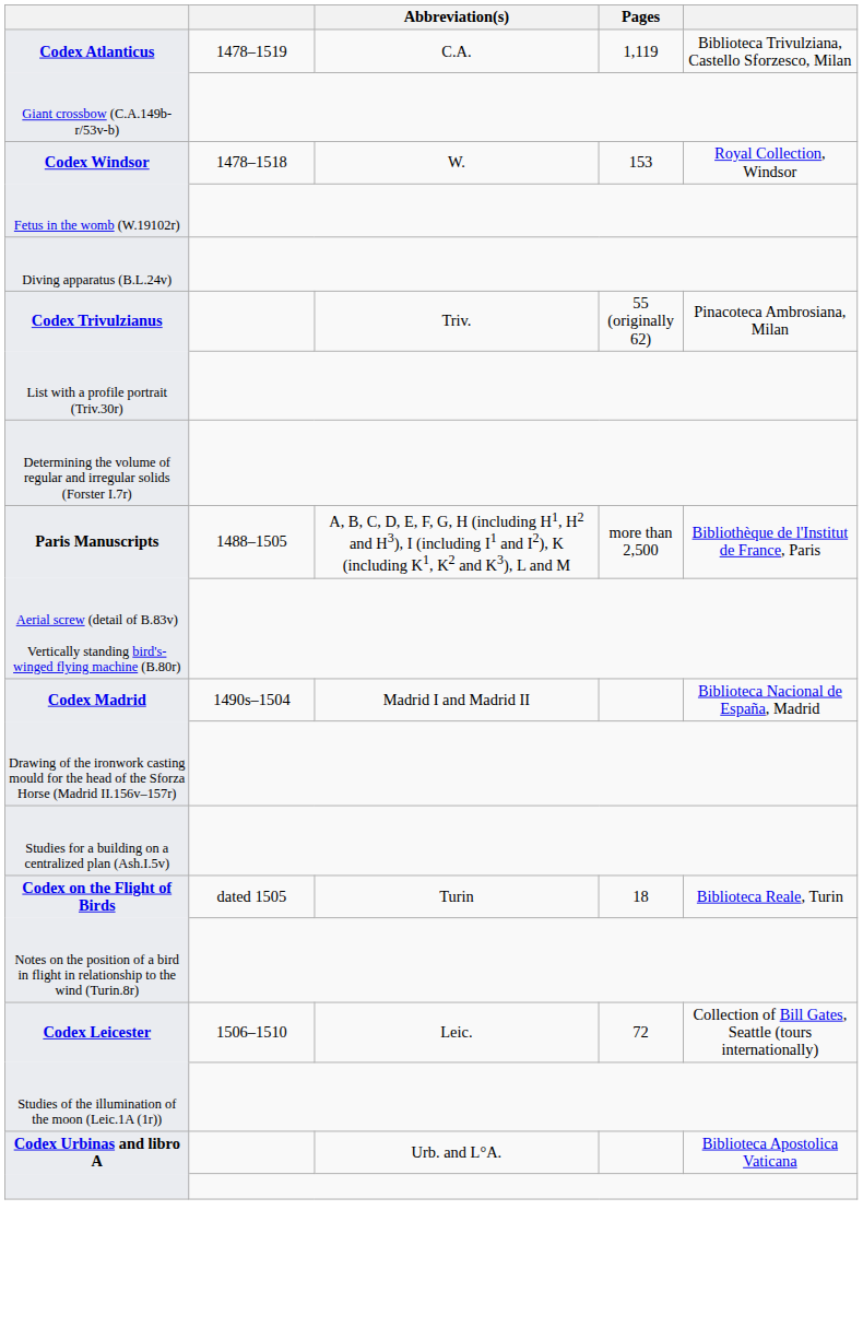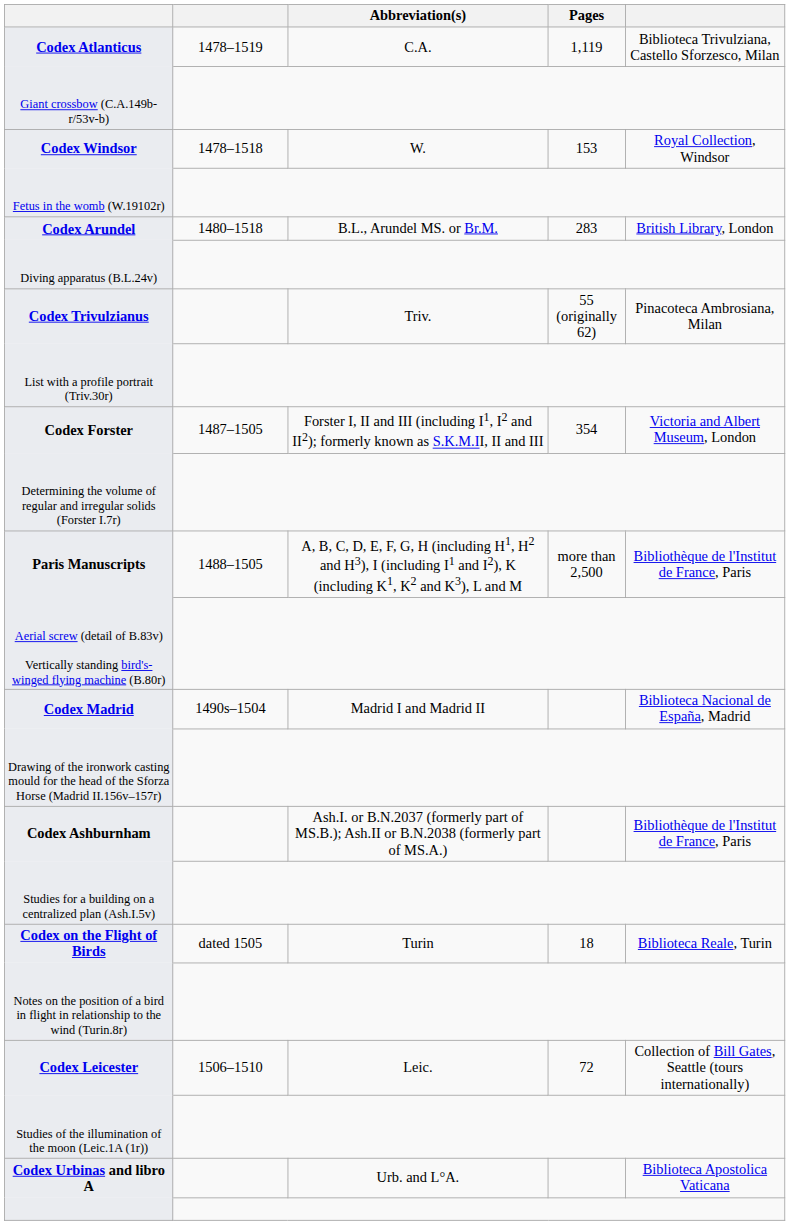 <table class="wikitable sortable" style="font-size:100%; text-align: center">
 <tr>
 <th width = "180"></th>
 <th width = "120"></th>
 <th class="unsortable">Abbreviation(s)</th>
 <th>Pages</th>
 <th></th>
 </tr>
 <tr>
 <td style="background-color: #EAECF0; border-style: solid solid none solid"><strong><a href='#'>Codex Atlanticus</a></strong></td>
 <td>1478–1519</td>
 <td>C.A.</td>
 <td>1,119</td>
 <td data-sort-value="Milan, Castello Sforzesco, Biblioteca Trivulziana">Biblioteca Trivulziana, Castello Sforzesco, Milan</td>
 </tr>
 <tr class="expand-child">
 <td style="background-color: #EAECF0; border-style: none solid solid solid; font-size: 86%"><br><br><a href='#'>Giant crossbow</a> (C.A.149b-r/53v-b)</td>
 <td colspan="4"><br></td>
 </tr>
 <tr>
 <td style="background-color: #EAECF0; border-style: solid solid none solid"><strong><a href='#'>Codex Windsor</a></strong></td>
 <td>1478–1518</td>
 <td>W.</td>
 <td>153</td>
 <td data-sort-value="Windsor, Royal Collection"><a href='#'>Royal Collection</a>, Windsor</td>
 </tr>
 <tr class="expand-child">
 <td style="background-color: #EAECF0; border-style: none solid solid solid; font-size: 86%"><br><br><a href='#'>Fetus in the womb</a> (W.19102r)</td>
 <td colspan="4"><br></td>
 </tr>
+<tr>
+<td style="background-color: #EAECF0; border-style: solid solid none solid"><strong><a href='#'>Codex Arundel</a></strong></td>
+<td>1480–1518</td>
+<td>B.L., Arundel MS. or <a href='#'>Br.M.</a></td>
+<td>283</td>
+<td data-sort-value="London, British Library"><a href='#'>British Library</a>, London</td>
+</tr>
 <tr class="expand-child">
 <td style="background-color: #EAECF0; border-style: none solid solid solid; font-size: 86%"><br><br>Diving apparatus (B.L.24v)</td>
 <td colspan="4"></td>
 </tr>
 <tr>
 <td style="background-color: #EAECF0; border-style: solid solid none solid"><strong><a href='#'>Codex Trivulzianus</a></strong></td>
 <td></td>
 <td>Triv.</td>
 <td>55<br>(originally 62)</td>
 <td data-sort-value="Milan, Pinacoteca Ambrosiana">Pinacoteca Ambrosiana, Milan</td>
 </tr>
 <tr class="expand-child">
 <td style="background-color: #EAECF0; border-style: none solid solid solid; font-size: 86%"><br><br>List with a profile portrait (Triv.30r)</td>
 <td colspan="4"></td>
+</tr>
+<tr>
+<td style="background-color: #EAECF0; border-style: solid solid none solid"><strong>Codex Forster</strong></td>
+<td>1487–1505</td>
+<td>Forster I, II and III  (including I<sup>1</sup>, I<sup>2</sup> and II<sup>2</sup>); formerly known as <a href='#'>S.K.M.I</a>I, II and III</td>
+<td>354</td>
+<td data-sort-value="London, Victoria and Albert Museum"><a href='#'>Victoria and Albert Museum</a>, London</td>
 </tr>
 <tr class="expand-child">
 <td style="background-color: #EAECF0; border-style: none solid solid solid; font-size: 86%"><br><br>Determining the volume of regular and irregular solids (Forster I.7r)</td>
 <td colspan="4"><br> </td>
 </tr>
 <tr>
 <td style="background-color: #EAECF0; border-style: solid solid none solid"><strong>Paris Manuscripts</strong></td>
 <td>1488–1505</td>
 <td>A, B, C, D, E, F, G, H (including H<sup>1</sup>, H<sup>2</sup> and H<sup>3</sup>), I (including I<sup>1</sup> and I<sup>2</sup>), K (including K<sup>1</sup>, K<sup>2</sup> and K<sup>3</sup>), L and M</td>
 <td>more than 2,500</td>
 <td data-sort-value="Paris, Bibliothèque de l'Institut de France"><a href='#'>Bibliothèque de l'Institut de France</a>, Paris</td>
 </tr>
 <tr class="expand-child">
 <td style="background-color: #EAECF0; border-style: none solid solid solid; font-size: 86%"><br><br><a href='#'>Aerial screw</a> (detail of B.83v)<br> <br>Vertically standing <a href='#'>bird's-winged flying machine</a> (B.80r)</td>
 <td colspan="4"><br></td>
 </tr>
 <tr>
 <td style="background-color: #EAECF0; border-style: solid solid none solid"><strong><a href='#'>Codex Madrid</a></strong></td>
 <td>1490s–1504</td>
 <td>Madrid I and Madrid II</td>
 <td></td>
 <td data-sort-value="Madrid, Biblioteca Nacional"><a href='#'>Biblioteca Nacional de España</a>, Madrid</td>
 </tr>
 <tr class="expand-child">
 <td style="background-color: #EAECF0; border-style: none solid solid solid; font-size: 86%"><br><br>Drawing of the ironwork casting mould for the head of the Sforza Horse (Madrid II.156v–157r)</td>
 <td colspan="4"><br></td>
+</tr>
+<tr>
+<td style="background-color: #EAECF0; border-style: solid solid none solid"><strong>Codex Ashburnham</strong></td>
+<td></td>
+<td>Ash.I. or B.N.2037 (formerly part of MS.B.); Ash.II or B.N.2038 (formerly part of MS.A.)</td>
+<td></td>
+<td data-sort-value="Paris, Bibliothèque de l'Institut de France"><a href='#'>Bibliothèque de l'Institut de France</a>, Paris</td>
 </tr>
 <tr class="expand-child">
 <td style="background-color: #EAECF0; border-style: none solid solid solid; font-size: 86%"><br><br>Studies for a building on a centralized plan (Ash.I.5v)</td>
 <td colspan="4"><br></td>
 </tr>
 <tr>
 <td style="background-color: #EAECF0; border-style: solid solid none solid"><strong><a href='#'>Codex on the Flight of Birds</a></strong></td>
 <td>dated 1505</td>
 <td>Turin</td>
 <td>18</td>
 <td data-sort-value="Turin, Biblioteca Reale"><a href='#'>Biblioteca Reale</a>, Turin</td>
 </tr>
 <tr class="expand-child">
 <td style="background-color: #EAECF0; border-style: none solid solid solid; font-size: 86%"><br><br>Notes on the position of a bird in flight in relationship to the wind (Turin.8r)</td>
 <td colspan="4"><br></td>
 </tr>
 <tr>
 <td style="background-color: #EAECF0; border-style: solid solid none solid"><strong><a href='#'>Codex Leicester</a></strong></td>
 <td>1506–1510</td>
 <td>Leic.</td>
 <td>72</td>
 <td data-sort-value="United States, private collection">Collection of <a href='#'>Bill Gates</a>, Seattle (tours internationally)</td>
 </tr>
 <tr class="expand-child">
 <td style="background-color: #EAECF0; border-style: none solid solid solid; font-size: 86%"><br><br>Studies of the illumination of the moon (Leic.1A (1r))</td>
 <td colspan="4"></td>
 </tr>
 <tr>
 <td style="background-color: #EAECF0; border-style: solid solid none solid"><strong><a href='#'>Codex Urbinas</a> and libro A</strong></td>
 <td></td>
 <td>Urb. and L°A.</td>
 <td></td>
 <td data-sort-value="Vatican City, Bilioteca Apostolica"><a href='#'>Biblioteca Apostolica Vaticana</a></td>
 </tr>
 <tr class="expand-child">
 <td style="background-color: #EAECF0; border-style: none solid solid solid; font-size: 86%"></td>
 <td colspan="4"><br></td>
 </tr>
 </table>
